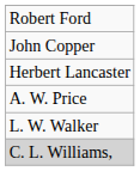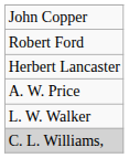 <table class="wikitable">
 <tr>
 </tr>
 <tr>
-<td>Robert Ford</td>
+<td>John Copper</td>
 </tr>
 <tr>
-<td>John Copper</td>
+<td>Robert Ford</td>
 </tr>
 <tr>
 <td>Herbert Lancaster</td>
 </tr>
 <tr>
 <td>A. W. Price</td>
 </tr>
 <tr>
 <td>L. W. Walker</td>
 </tr>
 <tr>
 <td style="background: lightgrey;">C. L. Williams,</td>
 </tr>
 </table>
